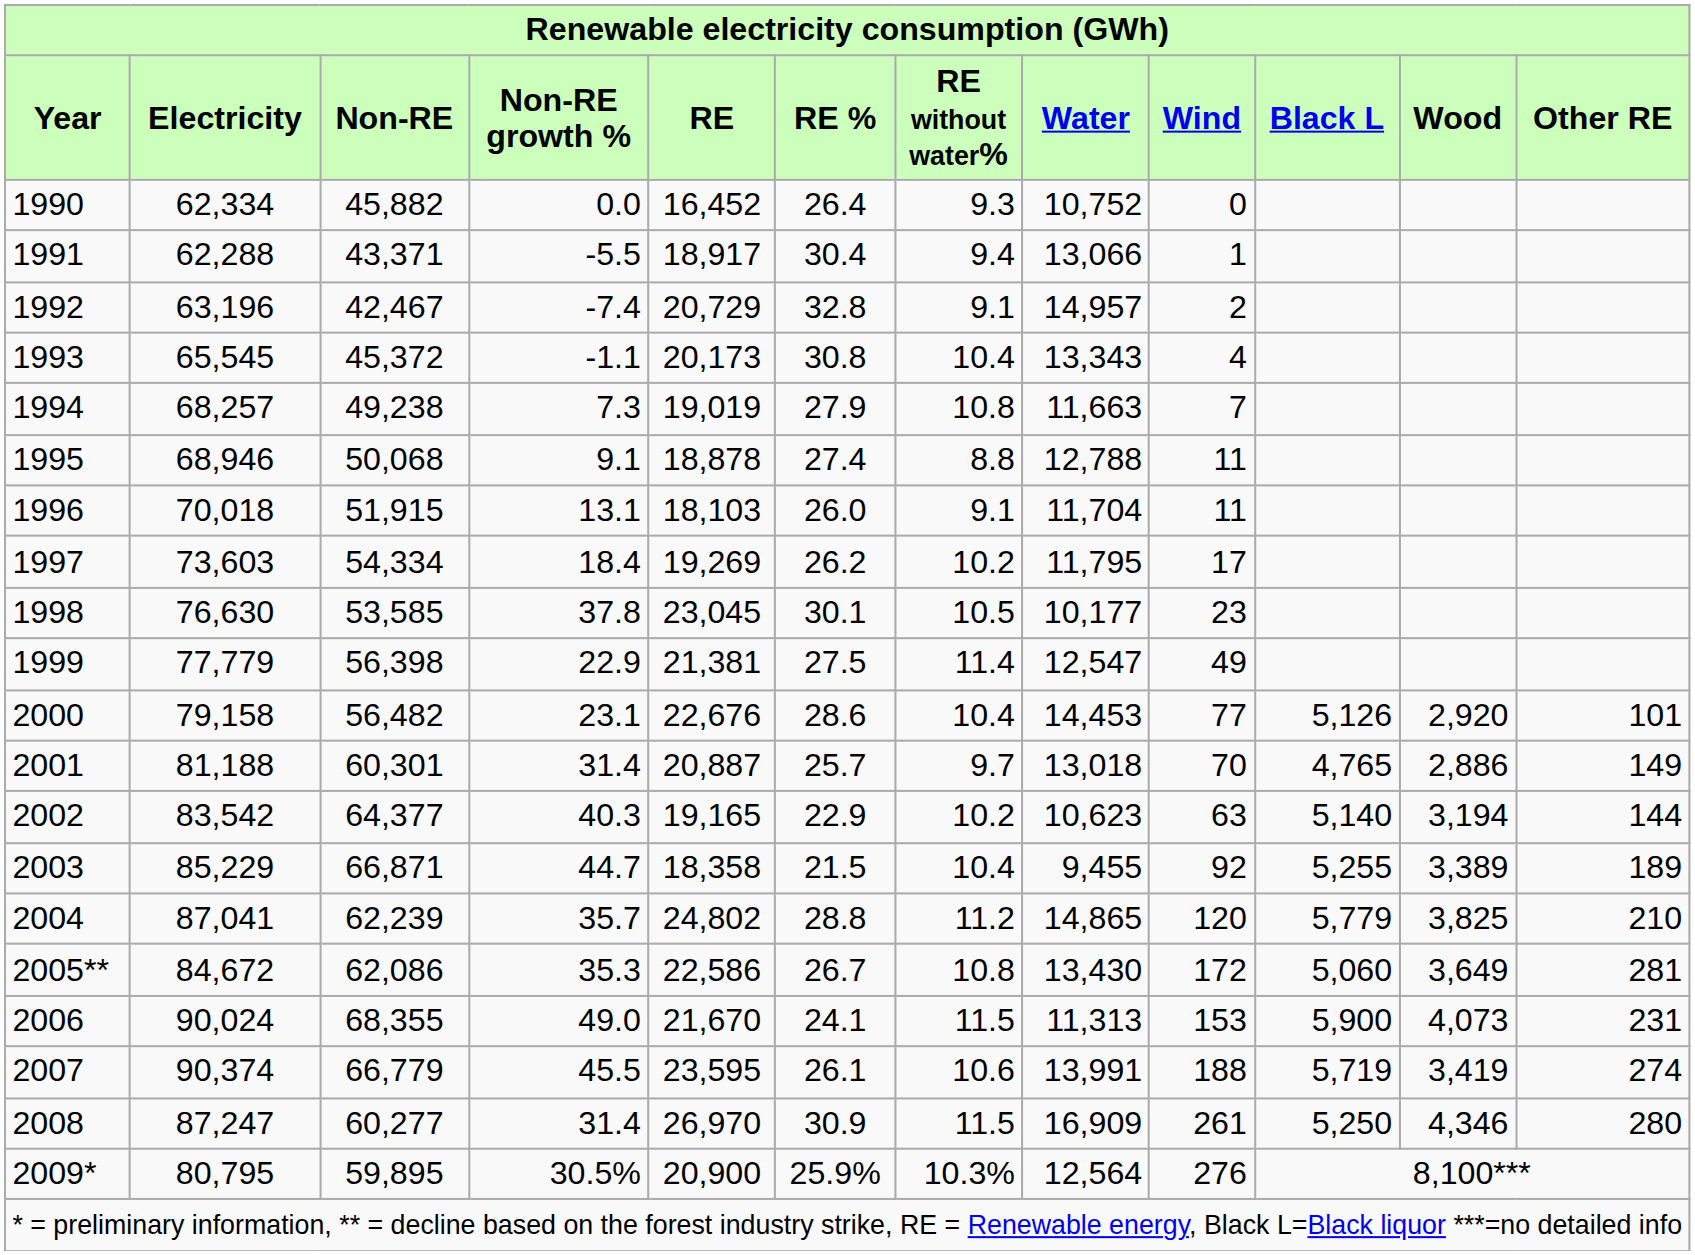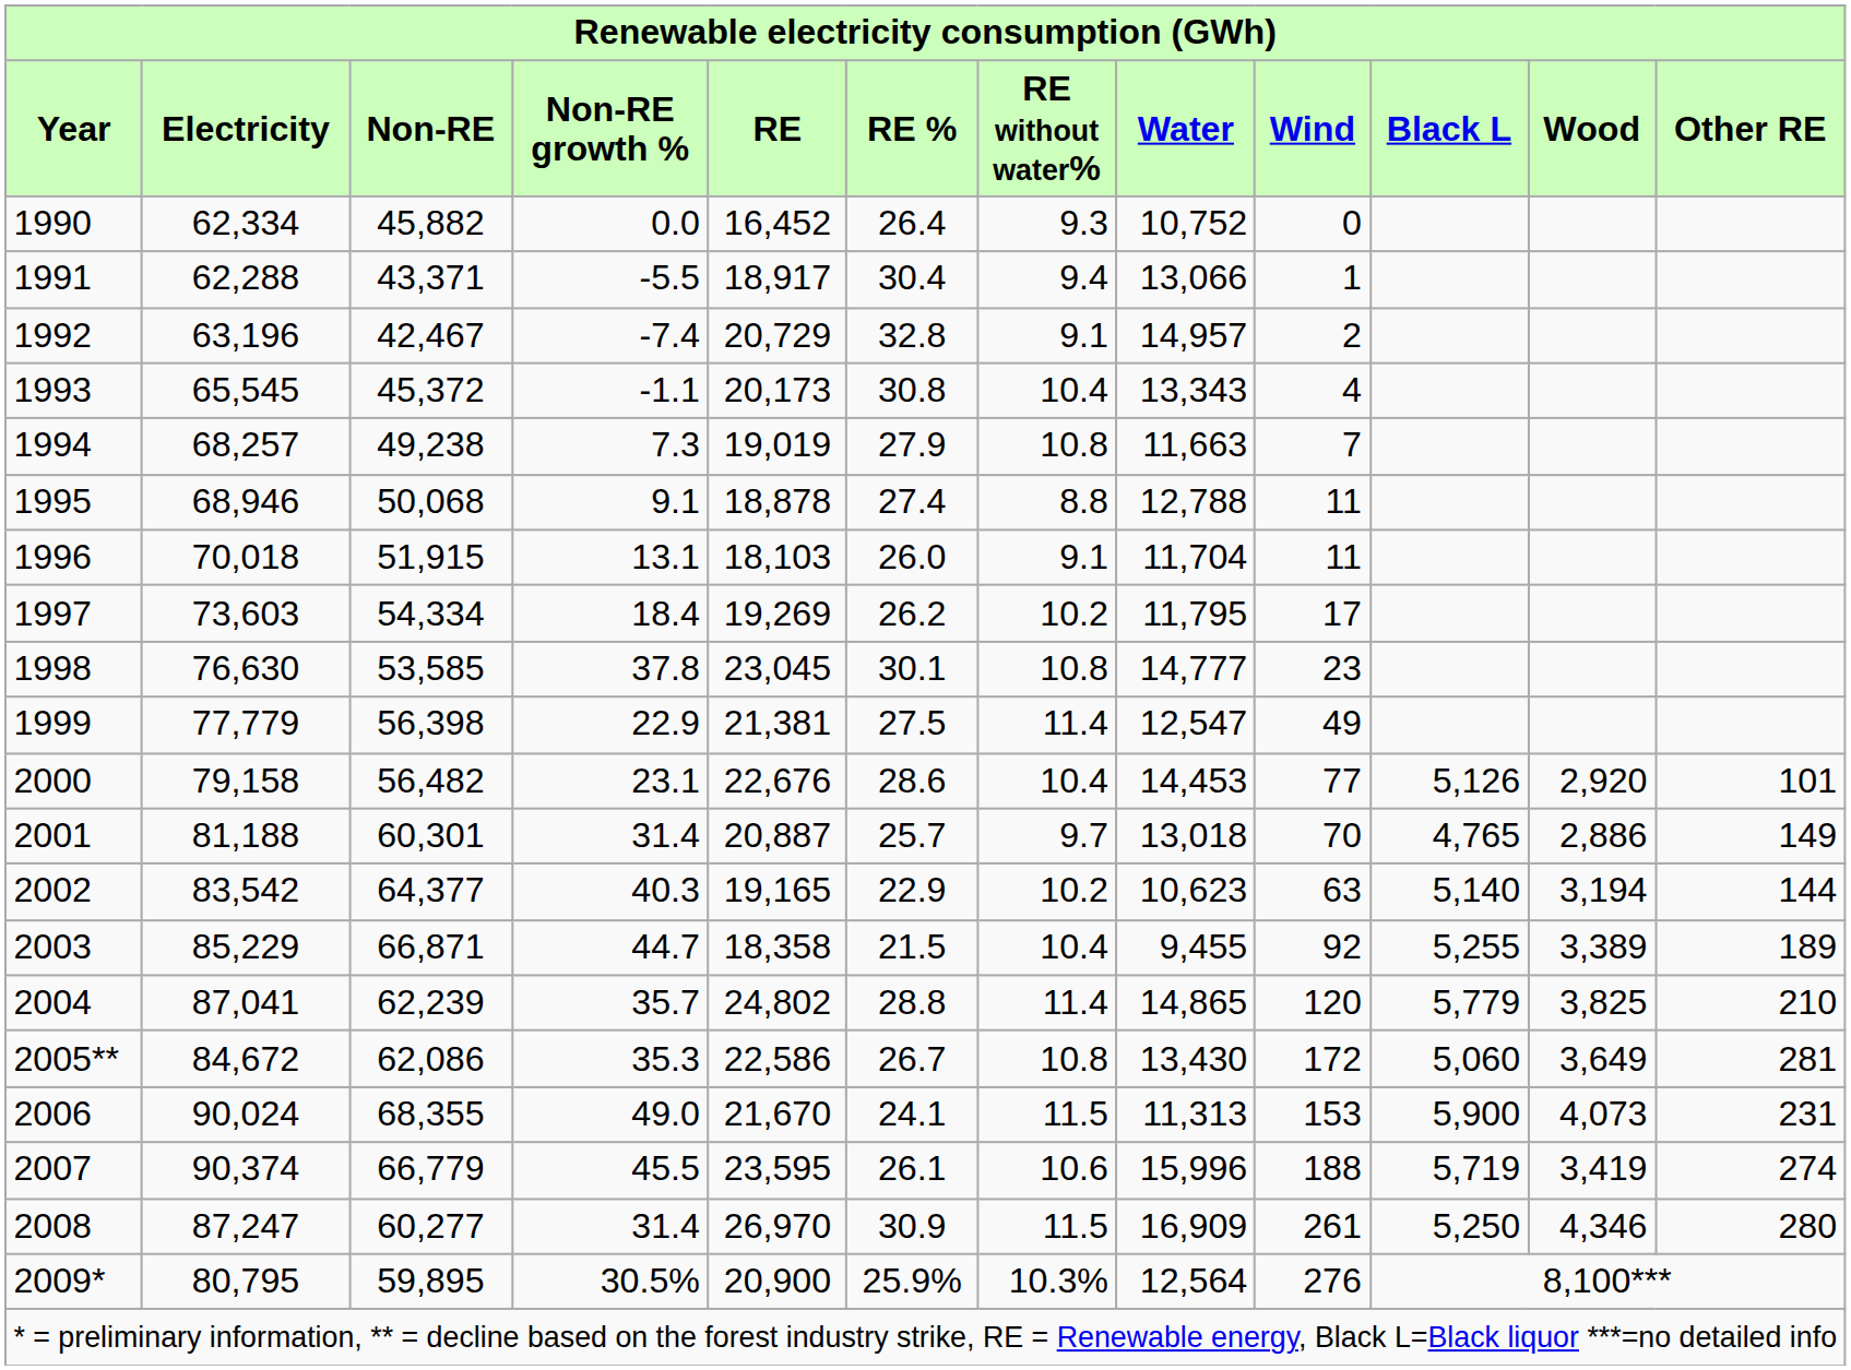 <table class="wikitable" style="right: right; : 10px">
 <tr>
 <th colspan="12" align=center style="background-color: #cfb;">Renewable electricity consumption (GWh)</th>
 </tr>
 <tr ---->
 <th style="background-color: #cfb;">Year</th>
 <th style="background-color: #cfb;">Electricity</th>
 <th style="background-color: #cfb;">Non-RE</th>
 <th style="background-color: #cfb;">Non-RE <br>growth %</th>
 <th style="background-color: #cfb;">RE</th>
 <th style="background-color: #cfb;">RE %</th>
 <th style="background-color: #cfb;">RE<small><br>without<br> water</small>%</th>
 <th style="background-color: #cfb;"><a href='#'>Water</a></th>
 <th style="background-color: #cfb;"><a href='#'>Wind</a></th>
 <th style="background-color: #cfb;"><a href='#'>Black L</a></th>
 <th style="background-color: #cfb;">Wood</th>
 <th style="background-color: #cfb;">Other RE</th>
 </tr>
 <tr ---->
 <td align="left">1990</td>
 <td align="center">62,334</td>
 <td align="center">45,882</td>
 <td align="right">0.0</td>
 <td align="center">16,452</td>
 <td align="center">26.4</td>
 <td align="right">9.3</td>
 <td align="right">10,752</td>
 <td align="right">0</td>
 <td></td>
 <td></td>
 <td></td>
 </tr>
 <tr ---->
 <td align="left">1991</td>
 <td align="center">62,288</td>
 <td align="center">43,371</td>
 <td align="right">-5.5</td>
 <td align="center">18,917</td>
 <td align="center">30.4</td>
 <td align="right">9.4</td>
 <td align="right">13,066</td>
 <td align="right">1</td>
 <td></td>
 <td></td>
 <td></td>
 </tr>
 <tr ---->
 <td align="left">1992</td>
 <td align="center">63,196</td>
 <td align="center">42,467</td>
 <td align="right">-7.4</td>
 <td align="center">20,729</td>
 <td align="center">32.8</td>
 <td align="right">9.1</td>
 <td align="right">14,957</td>
 <td align="right">2</td>
 <td></td>
 <td></td>
 <td></td>
 </tr>
 <tr ---->
 <td align="left">1993</td>
 <td align="center">65,545</td>
 <td align="center">45,372</td>
 <td align="right">-1.1</td>
 <td align="center">20,173</td>
 <td align="center">30.8</td>
 <td align="right">10.4</td>
 <td align="right">13,343</td>
 <td align="right">4</td>
 <td></td>
 <td></td>
 <td></td>
 </tr>
 <tr ---->
 <td align="left">1994</td>
 <td align="center">68,257</td>
 <td align="center">49,238</td>
 <td align="right">7.3</td>
 <td align="center">19,019</td>
 <td align="center">27.9</td>
 <td align="right">10.8</td>
 <td align="right">11,663</td>
 <td align="right">7</td>
 <td></td>
 <td></td>
 <td></td>
 </tr>
 <tr ---->
 <td align="left">1995</td>
 <td align="center">68,946</td>
 <td align="center">50,068</td>
 <td align="right">9.1</td>
 <td align="center">18,878</td>
 <td align="center">27.4</td>
 <td align="right">8.8</td>
 <td align="right">12,788</td>
 <td align="right">11</td>
 <td></td>
 <td></td>
 </tr>
 <tr ---->
 <td align="left">1996</td>
 <td align="center">70,018</td>
 <td align="center">51,915</td>
 <td align="right">13.1</td>
 <td align="center">18,103</td>
 <td align="center">26.0</td>
 <td align="right">9.1</td>
 <td align="right">11,704</td>
 <td align="right">11</td>
 <td></td>
 <td></td>
 <td></td>
 </tr>
 <tr ---->
 <td align="left">1997</td>
 <td align="center">73,603</td>
 <td align="center">54,334</td>
 <td align="right">18.4</td>
 <td align="center">19,269</td>
 <td align="center">26.2</td>
 <td align="right">10.2</td>
 <td align="right">11,795</td>
 <td align="right">17</td>
 <td></td>
 <td></td>
 <td></td>
 </tr>
 <tr ---->
 <td align="left">1998</td>
 <td align="center">76,630</td>
 <td align="center">53,585</td>
 <td align="right">37.8</td>
 <td align="center">23,045</td>
 <td align="center">30.1</td>
-<td align="right">10.5</td>
-<td align="right">10,177</td>
+<td align="right">10.8</td>
+<td align="right">14,777</td>
 <td align="right">23</td>
 <td></td>
 <td></td>
 <td></td>
 </tr>
 <tr ---->
 <td align="left">1999</td>
 <td align="center">77,779</td>
 <td align="center">56,398</td>
 <td align="right">22.9</td>
 <td align="center">21,381</td>
 <td align="center">27.5</td>
 <td align="right">11.4</td>
 <td align="right">12,547</td>
 <td align="right">49</td>
 <td></td>
 <td></td>
 <td></td>
 </tr>
 <tr ---->
 <td align="left">2000</td>
 <td align="center">79,158</td>
 <td align="center">56,482</td>
 <td align="right">23.1</td>
 <td align="center">22,676</td>
 <td align="center">28.6</td>
 <td align="right">10.4</td>
 <td align="right">14,453</td>
 <td align="right">77</td>
 <td align=right>5,126</td>
 <td align=right>2,920</td>
 <td align=right>101</td>
 </tr>
 <tr ---->
 <td align="left">2001</td>
 <td align="center">81,188</td>
 <td align="center">60,301</td>
 <td align="right">31.4</td>
 <td align="center">20,887</td>
 <td align="center">25.7</td>
 <td align="right">9.7</td>
 <td align="right">13,018</td>
 <td align="right">70</td>
 <td align=right>4,765</td>
 <td align=right>2,886</td>
 <td align=right>149</td>
 </tr>
 <tr ---->
 <td align="left">2002</td>
 <td align="center">83,542</td>
 <td align="center">64,377</td>
 <td align="right">40.3</td>
 <td align="center">19,165</td>
 <td align="center">22.9</td>
 <td align="right">10.2</td>
 <td align="right">10,623</td>
 <td align="right">63</td>
 <td align=right>5,140</td>
 <td align=right>3,194</td>
 <td align=right>144</td>
 </tr>
 <tr ---->
 <td align="left">2003</td>
 <td align="center">85,229</td>
 <td align="center">66,871</td>
 <td align="right">44.7</td>
 <td align="center">18,358</td>
 <td align="center">21.5</td>
 <td align="right">10.4</td>
 <td align="right">9,455</td>
 <td align="right">92</td>
 <td align=right>5,255</td>
 <td align=right>3,389</td>
 <td align=right>189</td>
 </tr>
 <tr ---->
 <td align="left">2004</td>
 <td align="center">87,041</td>
 <td align="center">62,239</td>
 <td align="right">35.7</td>
 <td align="center">24,802</td>
 <td align="center">28.8</td>
-<td align="right">11.2</td>
+<td align="right">11.4</td>
 <td align="right">14,865</td>
 <td align="right">120</td>
 <td align=right>5,779</td>
 <td align=right>3,825</td>
 <td align=right>210</td>
 </tr>
 <tr ---->
 <td align=left>2005**</td>
 <td align="center">84,672</td>
 <td align="center">62,086</td>
 <td align="right">35.3</td>
 <td align="center">22,586</td>
 <td align="center">26.7</td>
 <td align="right">10.8</td>
 <td align="right">13,430</td>
 <td align="right">172</td>
 <td align=right>5,060</td>
 <td align=right>3,649</td>
 <td align=right>281</td>
 </tr>
 <tr ---->
 <td align=left>2006</td>
 <td align="center">90,024</td>
 <td align="center">68,355</td>
 <td align="right">49.0</td>
 <td align="center">21,670</td>
 <td align="center">24.1</td>
 <td align="right">11.5</td>
 <td align="right">11,313</td>
 <td align="right">153</td>
 <td align=right>5,900</td>
 <td align=right>4,073</td>
 <td align=right>231</td>
 </tr>
 <tr ---->
 <td align=left>2007</td>
 <td align="center">90,374</td>
 <td align="center">66,779</td>
 <td align="right">45.5</td>
 <td align="center">23,595</td>
 <td align="center">26.1</td>
 <td align=right>10.6</td>
-<td align="right">13,991</td>
+<td align="right">15,996</td>
 <td align=right>188</td>
 <td align=right>5,719</td>
 <td align=right>3,419</td>
 <td align=right>274</td>
 </tr>
 <tr ---->
 <td align=left>2008</td>
 <td align="center">87,247</td>
 <td align="center">60,277</td>
 <td align="right">31.4</td>
 <td align="center">26,970</td>
 <td align="center">30.9</td>
 <td align="right">11.5</td>
 <td align="right">16,909</td>
 <td align="right">261</td>
 <td align=right>5,250</td>
 <td align=right>4,346</td>
 <td align=right>280</td>
 </tr>
 <tr ---->
 <td align=left>2009*</td>
 <td align="center">80,795</td>
 <td align="center">59,895</td>
 <td align="right">30.5%</td>
 <td align="center">20,900</td>
 <td align="center">25.9%</td>
 <td align="right">10.3%</td>
 <td align="right">12,564</td>
 <td align="right">276</td>
 <td align=center colspan=3>8,100***</td>
 </tr>
 <tr ---->
 <td colspan=12 align="left"><small>* = preliminary information, ** = decline based on the forest industry strike, RE = <a href='#'>Renewable energy</a>, Black L=<a href='#'>Black liquor</a> ***=no detailed info</small></td>
 </tr>
 </table>
